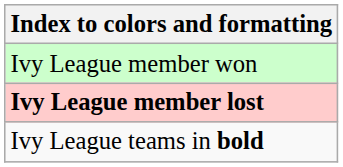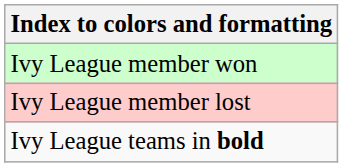 <table class="wikitable">
 <tr>
 <th>Index to colors and formatting</th>
 </tr>
 <tr style="background:#cfc;">
 <td>Ivy League member won</td>
 </tr>
 <tr style="background:#fcc;">
-<td><strong>Ivy League member lost</strong></td>
+<td>Ivy League member lost</td>
 </tr>
 <tr>
 <td>Ivy League teams in <strong>bold</strong></td>
 </tr>
 </table>
